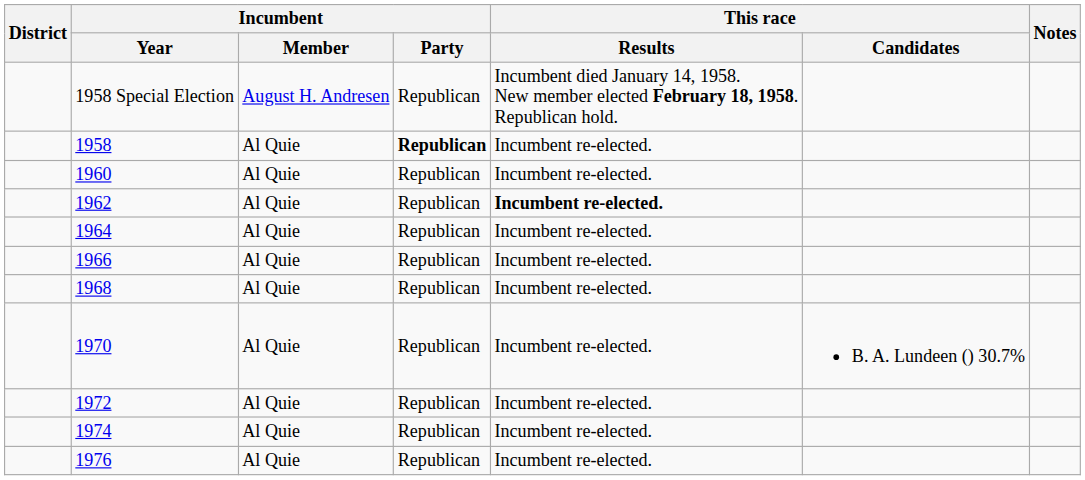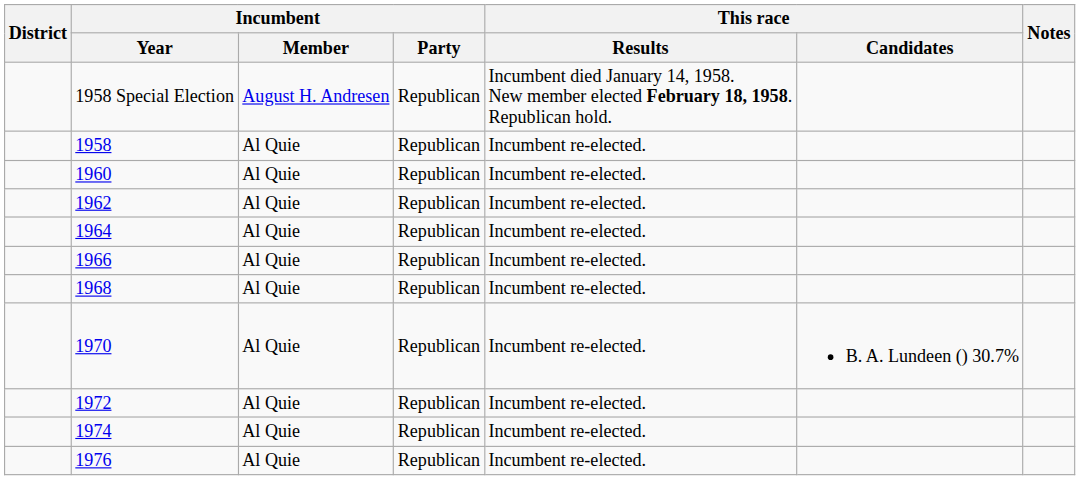 <table class=wikitable>
 <tr>
 <th rowspan=2>District</th>
 <th colspan=3>Incumbent</th>
 <th colspan=2>This race</th>
 <th rowspan=2>Notes</th>
 </tr>
 <tr>
 <th>Year</th>
 <th>Member</th>
 <th>Party</th>
 <th>Results</th>
 <th>Candidates</th>
 </tr>
 <tr>
 <td></td>
 <td>1958 Special Election</td>
 <td><a href='#'>August H. Andresen</a></td>
 <td>Republican</td>
 <td>Incumbent died January 14, 1958.<br>New member elected <strong>February 18, 1958</strong>.<br>Republican hold.</td>
 <td nowrap></td>
 <td></td>
 </tr>
 <tr>
 <td></td>
 <td><a href='#'>1958</a></td>
 <td>Al Quie</td>
-<td><strong>Republican</strong></td>
+<td>Republican</td>
 <td>Incumbent re-elected.</td>
 <td nowrap></td>
 <td></td>
 </tr>
 <tr>
 <td></td>
 <td><a href='#'>1960</a></td>
 <td>Al Quie</td>
 <td>Republican</td>
 <td>Incumbent re-elected.</td>
 <td nowrap></td>
 <td></td>
 </tr>
 <tr>
 <td></td>
 <td><a href='#'>1962</a></td>
 <td>Al Quie</td>
 <td>Republican</td>
-<td><strong>Incumbent re-elected.</strong></td>
+<td>Incumbent re-elected.</td>
 <td nowrap></td>
 <td></td>
 </tr>
 <tr>
 <td></td>
 <td><a href='#'>1964</a></td>
 <td>Al Quie</td>
 <td>Republican</td>
 <td>Incumbent re-elected.</td>
 <td nowrap></td>
 <td></td>
 </tr>
 <tr>
 <td></td>
 <td><a href='#'>1966</a></td>
 <td>Al Quie</td>
 <td>Republican</td>
 <td>Incumbent re-elected.</td>
 <td nowrap></td>
 <td></td>
 </tr>
 <tr>
 <td></td>
 <td><a href='#'>1968</a></td>
 <td>Al Quie</td>
 <td>Republican</td>
 <td>Incumbent re-elected.</td>
 <td nowrap></td>
 <td></td>
 </tr>
 <tr>
 <td></td>
 <td><a href='#'>1970</a></td>
 <td>Al Quie</td>
 <td>Republican</td>
 <td>Incumbent re-elected.</td>
 <td nowrap><br><ul><li>B. A. Lundeen (<a href='#'></a>) 30.7%</li></ul></td>
 <td></td>
 </tr>
 <tr>
 <td></td>
 <td><a href='#'>1972</a></td>
 <td>Al Quie</td>
 <td>Republican</td>
 <td>Incumbent re-elected.</td>
 <td nowrap></td>
 <td></td>
 </tr>
 <tr>
 <td></td>
 <td><a href='#'>1974</a></td>
 <td>Al Quie</td>
 <td>Republican</td>
 <td>Incumbent re-elected.</td>
 <td nowrap></td>
 <td></td>
 </tr>
 <tr>
 <td></td>
 <td><a href='#'>1976</a></td>
 <td>Al Quie</td>
 <td>Republican</td>
 <td>Incumbent re-elected.</td>
 <td nowrap></td>
 <td></td>
 </tr>
 </table>
